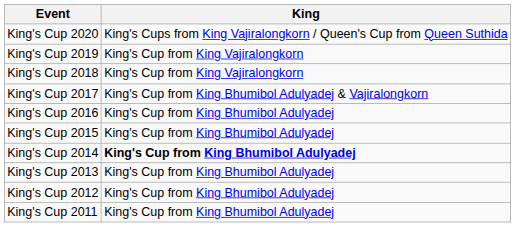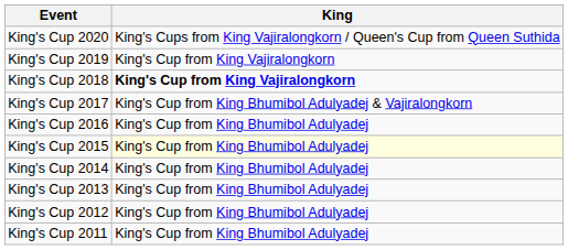 <table class="wikitable">
 <tr>
 <th>Event</th>
 <th>King</th>
 </tr>
 <tr>
 <td>King's Cup 2020</td>
 <td>King's Cups from <a href='#'>King Vajiralongkorn</a> / Queen's Cup from <a href='#'>Queen Suthida</a></td>
 </tr>
 <tr>
 <td>King's Cup 2019</td>
 <td>King's Cup from <a href='#'>King Vajiralongkorn</a></td>
 </tr>
 <tr>
 <td>King's Cup 2018</td>
-<td>King's Cup from <a href='#'>King Vajiralongkorn</a></td>
+<td><strong>King's Cup from <a href='#'>King Vajiralongkorn</a></strong></td>
 </tr>
 <tr>
 <td>King's Cup 2017</td>
 <td>King's Cup from <a href='#'>King Bhumibol Adulyadej</a> & <a href='#'>Vajiralongkorn</a></td>
 </tr>
 <tr>
 <td>King's Cup 2016</td>
 <td>King's Cup from <a href='#'>King Bhumibol Adulyadej</a></td>
 </tr>
 <tr>
 <td>King's Cup 2015</td>
-<td>King's Cup from <a href='#'>King Bhumibol Adulyadej</a></td>
+<td style="background: lightyellow;">King's Cup from <a href='#'>King Bhumibol Adulyadej</a></td>
 </tr>
 <tr>
 <td>King's Cup 2014</td>
-<td><strong>King's Cup from <a href='#'>King Bhumibol Adulyadej</a></strong></td>
+<td>King's Cup from <a href='#'>King Bhumibol Adulyadej</a></td>
 </tr>
 <tr>
 <td>King's Cup 2013</td>
 <td>King's Cup from <a href='#'>King Bhumibol Adulyadej</a></td>
 </tr>
 <tr>
 <td>King's Cup 2012</td>
 <td>King's Cup from <a href='#'>King Bhumibol Adulyadej</a></td>
 </tr>
 <tr>
 <td>King's Cup 2011</td>
 <td>King's Cup from <a href='#'>King Bhumibol Adulyadej</a></td>
 </tr>
 </table>
